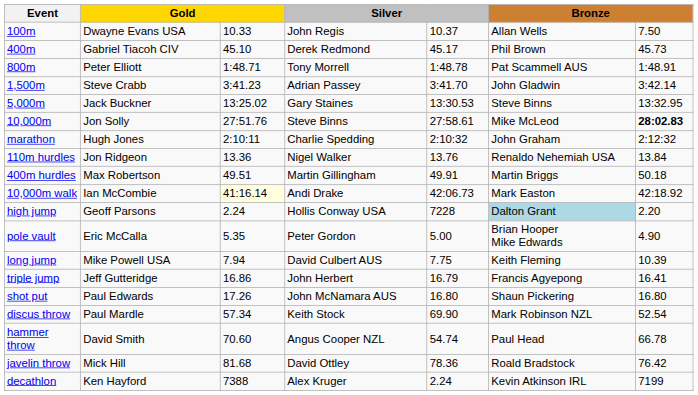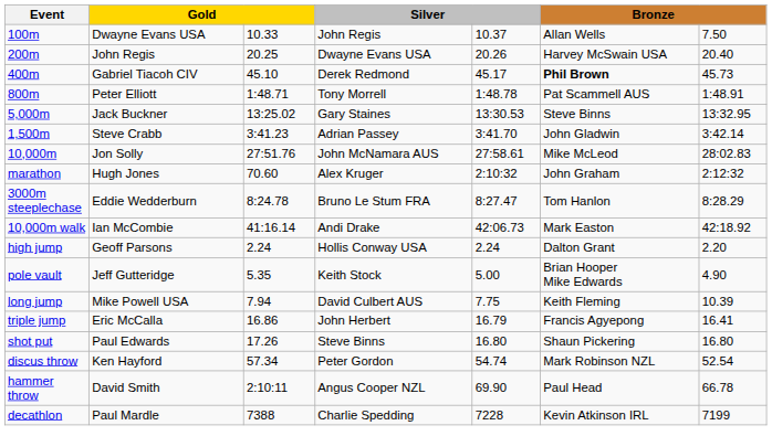 <table class="wikitable" style="text-align:left">
 <tr>
 <th width=100>Event</th>
 <th colspan="2" width="280" style="background:gold;">Gold</th>
 <th colspan="2" width="280" style="background:silver;">Silver</th>
 <th colspan="2" width="280" style="background:#CD7F32;">Bronze</th>
 </tr>
 <tr>
 <td><a href='#'>100m</a></td>
 <td>Dwayne Evans USA</td>
 <td>10.33</td>
 <td>John Regis</td>
 <td>10.37</td>
 <td> Allan Wells</td>
 <td>7.50</td>
 </tr>
 <tr>
+<td><a href='#'>200m</a></td>
+<td>John Regis</td>
+<td>20.25</td>
+<td>Dwayne Evans USA</td>
+<td>20.26</td>
+<td>Harvey McSwain USA</td>
+<td>20.40</td>
+</tr>
+<tr>
 <td><a href='#'>400m</a></td>
 <td>Gabriel Tiacoh CIV</td>
 <td>45.10</td>
 <td>Derek Redmond</td>
 <td>45.17</td>
-<td>Phil Brown</td>
+<td><strong>Phil Brown</strong></td>
 <td>45.73</td>
 </tr>
 <tr>
 <td><a href='#'>800m</a></td>
 <td>Peter Elliott</td>
 <td>1:48.71</td>
 <td>Tony Morrell</td>
 <td>1:48.78</td>
 <td>Pat Scammell AUS</td>
 <td>1:48.91</td>
 </tr>
 <tr>
+<td><a href='#'>5,000m</a></td>
+<td>Jack Buckner</td>
+<td>13:25.02</td>
+<td>Gary Staines</td>
+<td>13:30.53</td>
+<td>Steve Binns</td>
+<td>13:32.95</td>
+</tr>
+<tr>
 <td><a href='#'>1,500m</a></td>
 <td>Steve Crabb</td>
 <td>3:41.23</td>
 <td>Adrian Passey</td>
 <td>3:41.70</td>
 <td>John Gladwin</td>
 <td>3:42.14</td>
 </tr>
 <tr>
-<td><a href='#'>5,000m</a></td>
-<td>Jack Buckner</td>
-<td>13:25.02</td>
-<td>Gary Staines</td>
-<td>13:30.53</td>
-<td>Steve Binns</td>
-<td>13:32.95</td>
-</tr>
-<tr>
 <td><a href='#'>10,000m</a></td>
 <td>Jon Solly</td>
 <td>27:51.76</td>
-<td>Steve Binns</td>
+<td>John McNamara AUS</td>
 <td>27:58.61</td>
 <td>Mike McLeod</td>
-<td><strong>28:02.83</strong></td>
+<td>28:02.83</td>
 </tr>
 <tr>
 <td><a href='#'>marathon</a></td>
 <td>Hugh Jones</td>
-<td>2:10:11</td>
-<td>Charlie Spedding</td>
+<td>70.60</td>
+<td>Alex Kruger</td>
 <td>2:10:32</td>
 <td> John Graham</td>
 <td>2:12:32</td>
 </tr>
 <tr>
-<td><a href='#'>110m hurdles</a></td>
-<td>Jon Ridgeon</td>
-<td>13.36</td>
-<td>Nigel Walker</td>
-<td>13.76</td>
-<td>Renaldo Nehemiah USA</td>
-<td>13.84</td>
-</tr>
-<tr>
-<td><a href='#'>400m hurdles</a></td>
-<td>Max Robertson</td>
-<td>49.51</td>
-<td>Martin Gillingham</td>
-<td>49.91</td>
-<td>Martin Briggs</td>
-<td>50.18</td>
+<td><a href='#'>3000m steeplechase</a></td>
+<td>Eddie Wedderburn</td>
+<td>8:24.78</td>
+<td>Bruno Le Stum FRA</td>
+<td>8:27.47</td>
+<td> Tom Hanlon</td>
+<td>8:28.29</td>
 </tr>
 <tr>
 <td><a href='#'>10,000m walk</a></td>
 <td>Ian McCombie</td>
-<td style="background: lightyellow;">41:16.14</td>
+<td>41:16.14</td>
 <td>Andi Drake</td>
 <td>42:06.73</td>
 <td>Mark Easton</td>
 <td>42:18.92</td>
 </tr>
 <tr>
 <td><a href='#'>high jump</a></td>
 <td> Geoff Parsons</td>
 <td>2.24</td>
 <td>Hollis Conway USA</td>
-<td>7228</td>
-<td style="background: lightblue;">Dalton Grant</td>
+<td>2.24</td>
+<td>Dalton Grant</td>
 <td>2.20</td>
 </tr>
 <tr>
 <td><a href='#'>pole vault</a></td>
-<td>Eric McCalla</td>
+<td>Jeff Gutteridge</td>
 <td>5.35</td>
-<td>Peter Gordon</td>
+<td>Keith Stock</td>
 <td>5.00</td>
 <td>Brian Hooper <br>Mike Edwards</td>
 <td>4.90</td>
 </tr>
 <tr>
 <td><a href='#'>long jump</a></td>
 <td>Mike Powell USA</td>
 <td>7.94</td>
 <td>David Culbert AUS</td>
 <td>7.75</td>
 <td>Keith Fleming</td>
 <td>10.39</td>
 </tr>
 <tr>
 <td><a href='#'>triple jump</a></td>
-<td>Jeff Gutteridge</td>
+<td>Eric McCalla</td>
 <td>16.86</td>
 <td>John Herbert</td>
 <td>16.79</td>
 <td>Francis Agyepong</td>
 <td>16.41</td>
 </tr>
 <tr>
 <td><a href='#'>shot put</a></td>
 <td>Paul Edwards</td>
 <td>17.26</td>
-<td>John McNamara AUS</td>
+<td>Steve Binns</td>
 <td>16.80</td>
 <td>Shaun Pickering</td>
 <td>16.80</td>
 </tr>
 <tr>
 <td><a href='#'>discus throw</a></td>
-<td>Paul Mardle</td>
+<td>Ken Hayford</td>
 <td>57.34</td>
-<td>Keith Stock</td>
-<td>69.90</td>
+<td>Peter Gordon</td>
+<td>54.74</td>
 <td>Mark Robinson NZL</td>
 <td>52.54</td>
 </tr>
 <tr>
 <td><a href='#'>hammer throw</a></td>
 <td>David Smith</td>
-<td>70.60</td>
+<td>2:10:11</td>
 <td>Angus Cooper NZL</td>
-<td>54.74</td>
+<td>69.90</td>
 <td>Paul Head</td>
 <td>66.78</td>
 </tr>
 <tr>
-<td><a href='#'>javelin throw</a></td>
-<td>Mick Hill</td>
-<td>81.68</td>
-<td>David Ottley</td>
-<td>78.36</td>
-<td>Roald Bradstock</td>
-<td>76.42</td>
-</tr>
-<tr>
 <td><a href='#'>decathlon</a></td>
-<td>Ken Hayford</td>
+<td>Paul Mardle</td>
 <td>7388</td>
-<td>Alex Kruger</td>
-<td>2.24</td>
+<td>Charlie Spedding</td>
+<td>7228</td>
 <td>Kevin Atkinson IRL</td>
 <td>7199</td>
 </tr>
 </table>
